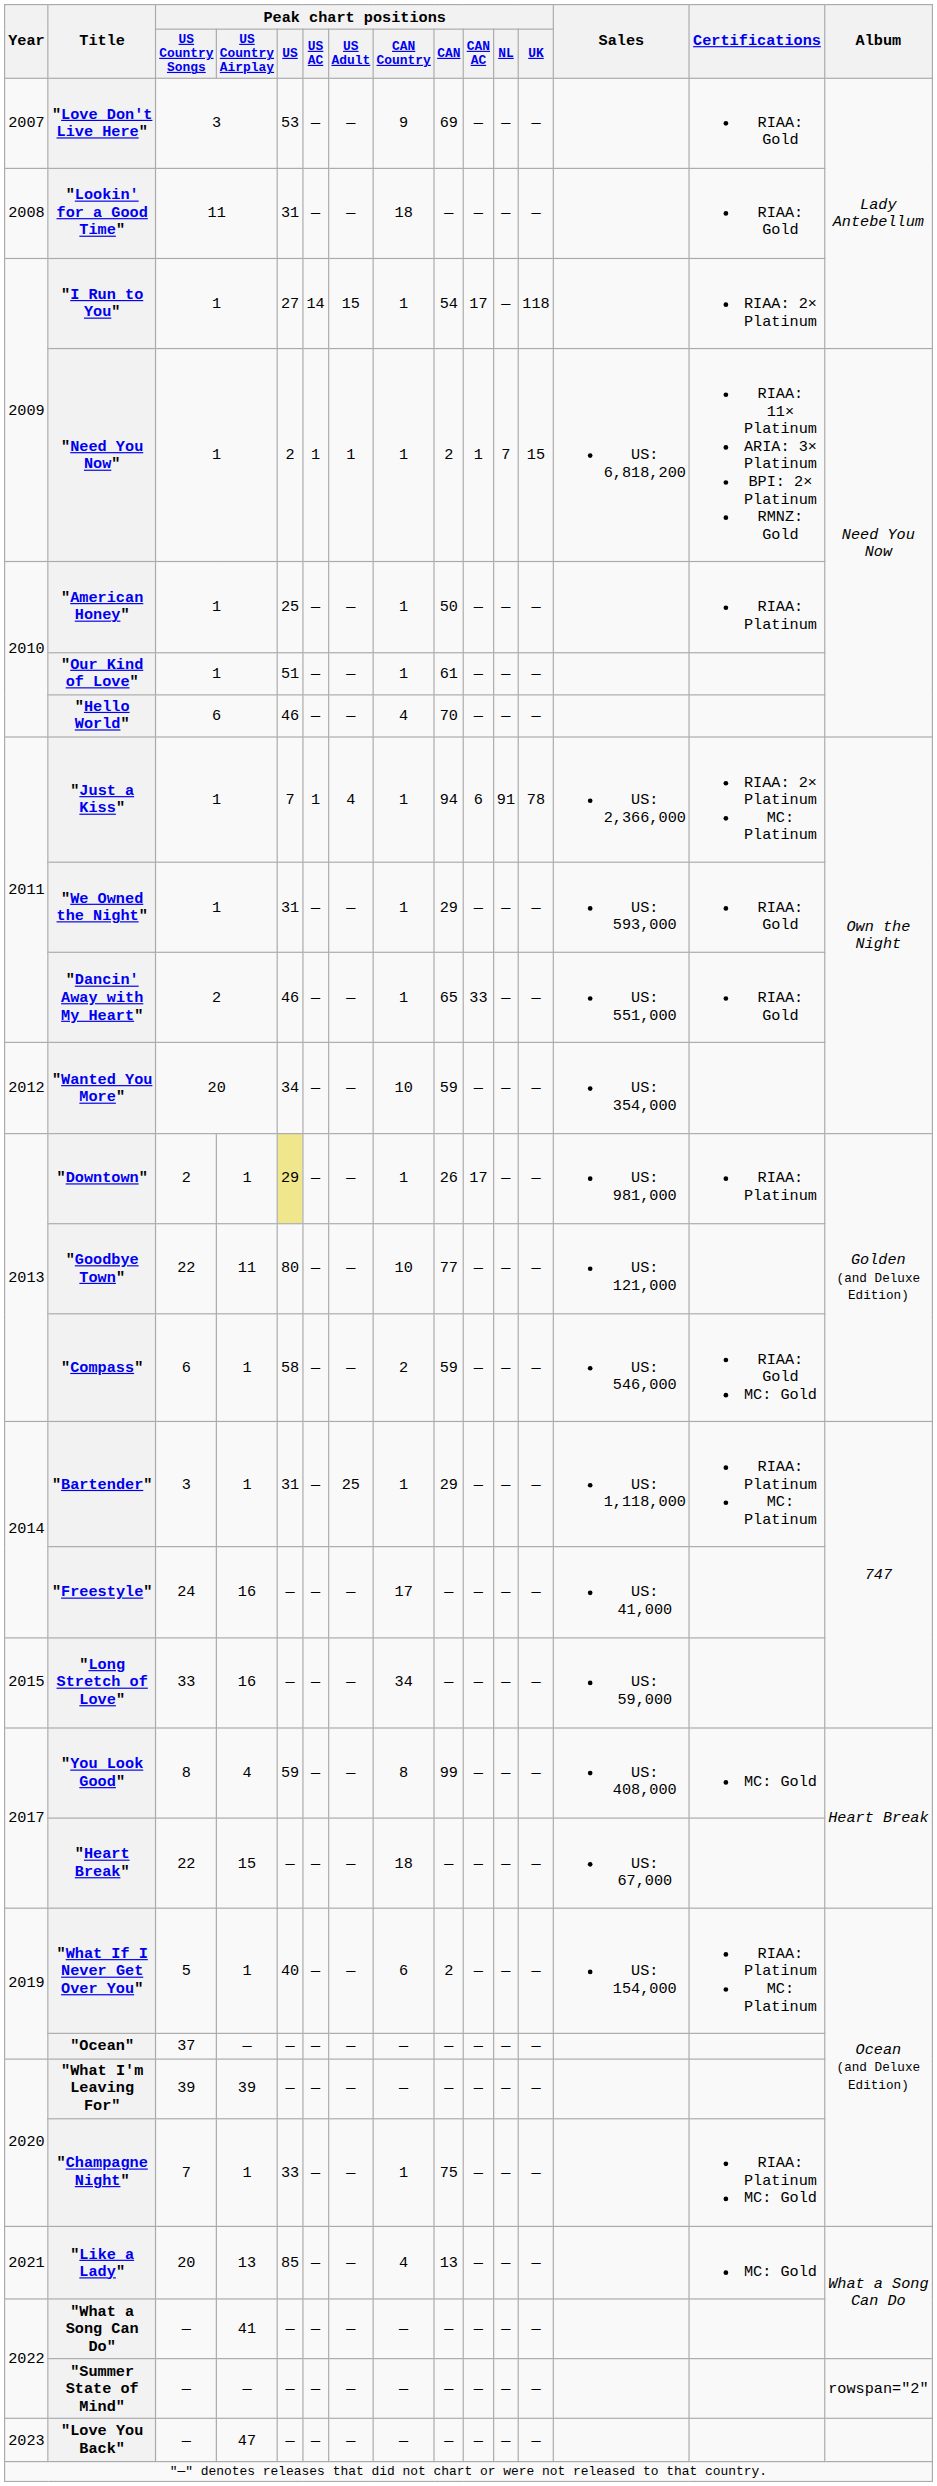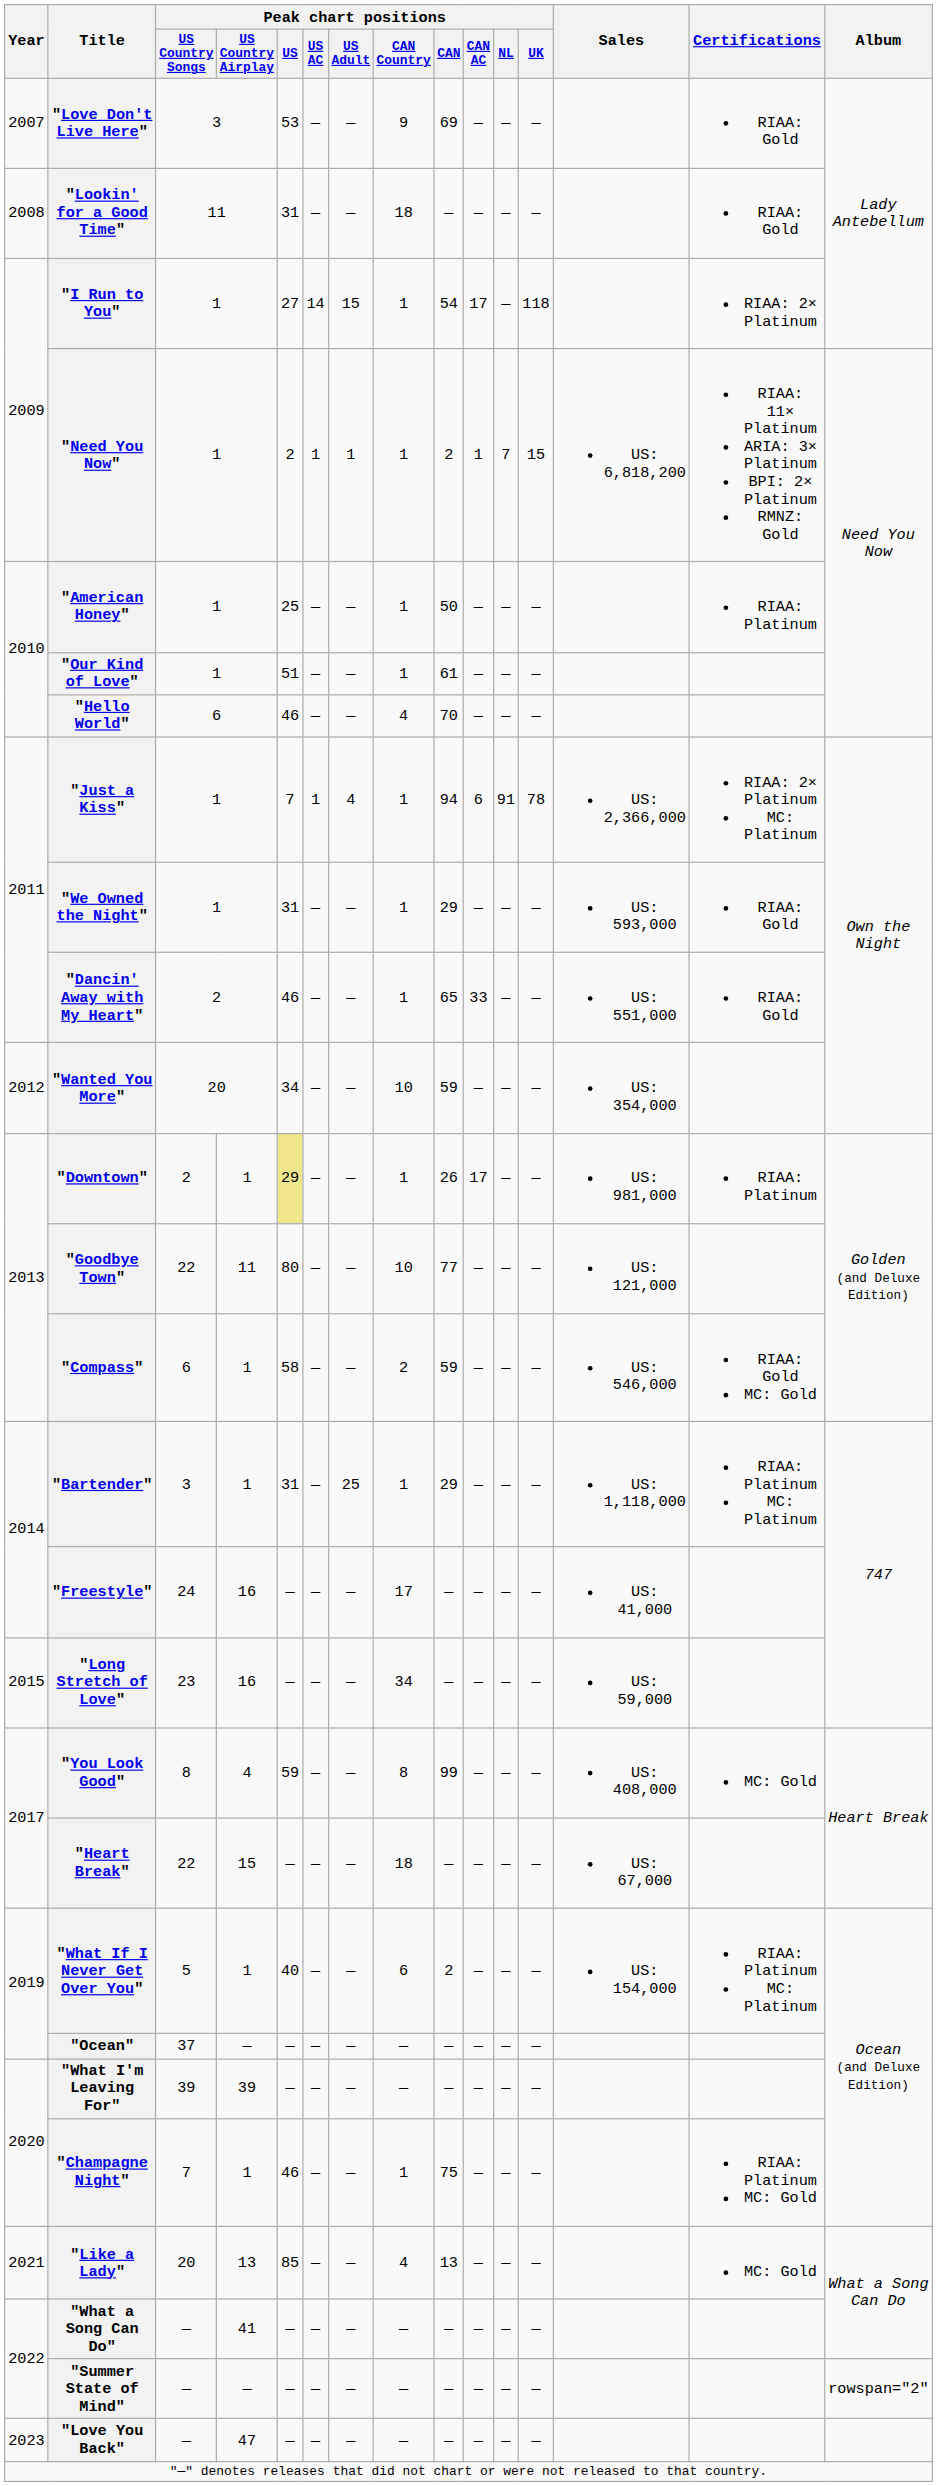 <table class="wikitable plainrowheaders" style="text-align:center;">
 <tr>
 <th scope="col" rowspan="2" style="width:1em;">Year</th>
 <th scope="col" rowspan="2" style="width:18em;">Title</th>
 <th scope="col" colspan="10">Peak chart positions</th>
 <th scope="col" rowspan="2" style="width:10em;">Sales</th>
 <th scope="col" rowspan="2" style="width:12em;"><a href='#'>Certifications</a></th>
 <th scope="col" rowspan="2">Album</th>
 </tr>
 <tr>
 <th scope="col" style="width:3em;font-size:85%;"><a href='#'>US Country Songs</a><br></th>
 <th scope="col" style="width:3em;font-size:85%;"><a href='#'>US Country Airplay</a><br></th>
 <th scope="col" style="width:3em;font-size:85%;"><a href='#'>US</a><br></th>
 <th scope="col" style="width:3em;font-size:85%;"><a href='#'>US AC</a><br></th>
 <th scope="col" style="width:3em;font-size:85%;"><a href='#'>US<br>Adult</a><br></th>
 <th scope="col" style="width:3em;font-size:85%;"><a href='#'>CAN Country</a><br></th>
 <th scope="col" style="width:3em;font-size:85%;"><a href='#'>CAN</a><br></th>
 <th scope="col" style="width:3em;font-size:85%;"><a href='#'>CAN AC</a><br></th>
 <th scope="col" style="width:3em;font-size:85%;"><a href='#'>NL</a><br></th>
 <th scope="col" style="width:3em;font-size:85%;"><a href='#'>UK</a><br></th>
 </tr>
 <tr>
 <td>2007</td>
 <th scope="row">"<a href='#'>Love Don't Live Here</a>"</th>
 <td colspan="2">3</td>
 <td>53</td>
 <td>—</td>
 <td>—</td>
 <td>9</td>
 <td>69</td>
 <td>—</td>
 <td>—</td>
 <td>—</td>
 <td></td>
 <td><br><ul><li>RIAA: Gold</li></ul></td>
 <td rowspan="3"><em>Lady Antebellum</em></td>
 </tr>
 <tr>
 <td>2008</td>
 <th scope="row">"<a href='#'>Lookin' for a Good Time</a>"</th>
 <td colspan="2">11</td>
 <td>31</td>
 <td>—</td>
 <td>—</td>
 <td>18</td>
 <td>—</td>
 <td>—</td>
 <td>—</td>
 <td>—</td>
 <td></td>
 <td><br><ul><li>RIAA: Gold</li></ul></td>
 </tr>
 <tr>
 <td rowspan="2">2009</td>
 <th scope="row">"<a href='#'>I Run to You</a>"</th>
 <td colspan="2">1</td>
 <td>27</td>
 <td>14</td>
 <td>15</td>
 <td>1</td>
 <td>54</td>
 <td>17</td>
 <td>—</td>
 <td>118</td>
 <td></td>
 <td><br><ul><li>RIAA: 2× Platinum</li></ul></td>
 </tr>
 <tr>
 <th scope="row">"<a href='#'>Need You Now</a>"</th>
 <td colspan="2">1</td>
 <td>2</td>
 <td>1</td>
 <td>1</td>
 <td>1</td>
 <td>2</td>
 <td>1</td>
 <td>7</td>
 <td>15</td>
 <td><br><ul><li>US: 6,818,200</li></ul></td>
 <td><br><ul><li>RIAA: 11× Platinum</li><li>ARIA: 3× Platinum</li><li>BPI: 2× Platinum</li><li>RMNZ: Gold</li></ul></td>
 <td rowspan="4"><em>Need You Now</em></td>
 </tr>
 <tr>
 <td rowspan="3">2010</td>
 <th scope="row">"<a href='#'>American Honey</a>"</th>
 <td colspan="2">1</td>
 <td>25</td>
 <td>—</td>
 <td>—</td>
 <td>1</td>
 <td>50</td>
 <td>—</td>
 <td>—</td>
 <td>—</td>
 <td></td>
 <td><br><ul><li>RIAA: Platinum</li></ul></td>
 </tr>
 <tr>
 <th scope="row">"<a href='#'>Our Kind of Love</a>"</th>
 <td colspan="2">1</td>
 <td>51</td>
 <td>—</td>
 <td>—</td>
 <td>1</td>
 <td>61</td>
 <td>—</td>
 <td>—</td>
 <td>—</td>
 <td></td>
 <td></td>
 </tr>
 <tr>
 <th scope="row">"<a href='#'>Hello World</a>"</th>
 <td colspan="2">6</td>
 <td>46</td>
 <td>—</td>
 <td>—</td>
 <td>4</td>
 <td>70</td>
 <td>—</td>
 <td>—</td>
 <td>—</td>
 <td></td>
 <td></td>
 </tr>
 <tr>
 <td rowspan="3">2011</td>
 <th scope="row">"<a href='#'>Just a Kiss</a>"</th>
 <td colspan="2">1</td>
 <td>7</td>
 <td>1</td>
 <td>4</td>
 <td>1</td>
 <td>94</td>
 <td>6</td>
 <td>91</td>
 <td>78</td>
 <td><br><ul><li>US: 2,366,000</li></ul></td>
 <td><br><ul><li>RIAA: 2× Platinum</li><li>MC: Platinum</li></ul></td>
 <td rowspan="4"><em>Own the Night</em></td>
 </tr>
 <tr>
 <th scope="row">"<a href='#'>We Owned the Night</a>"</th>
 <td colspan="2">1</td>
 <td>31</td>
 <td>—</td>
 <td>—</td>
 <td>1</td>
 <td>29</td>
 <td>—</td>
 <td>—</td>
 <td>—</td>
 <td><br><ul><li>US: 593,000</li></ul></td>
 <td><br><ul><li>RIAA: Gold</li></ul></td>
 </tr>
 <tr>
 <th scope="row">"<a href='#'>Dancin' Away with My Heart</a>"</th>
 <td colspan="2">2</td>
 <td>46</td>
 <td>—</td>
 <td>—</td>
 <td>1</td>
 <td>65</td>
 <td>33</td>
 <td>—</td>
 <td>—</td>
 <td><br><ul><li>US: 551,000</li></ul></td>
 <td><br><ul><li>RIAA: Gold</li></ul></td>
 </tr>
 <tr>
 <td>2012</td>
 <th scope="row">"<a href='#'>Wanted You More</a>"</th>
 <td colspan="2">20</td>
 <td>34</td>
 <td>—</td>
 <td>—</td>
 <td>10</td>
 <td>59</td>
 <td>—</td>
 <td>—</td>
 <td>—</td>
 <td><br><ul><li>US: 354,000</li></ul></td>
 <td></td>
 </tr>
 <tr>
 <td rowspan="3">2013</td>
 <th scope="row">"<a href='#'>Downtown</a>"</th>
 <td>2</td>
 <td>1</td>
 <td style="background: khaki;">29</td>
 <td>—</td>
 <td>—</td>
 <td>1</td>
 <td>26</td>
 <td>17</td>
 <td>—</td>
 <td>—</td>
 <td><br><ul><li>US: 981,000</li></ul></td>
 <td><br><ul><li>RIAA: Platinum</li></ul></td>
 <td rowspan="3"><em>Golden</em><br><small>(and Deluxe Edition)</small></td>
 </tr>
 <tr>
 <th scope="row">"<a href='#'>Goodbye Town</a>"</th>
 <td>22</td>
 <td>11</td>
 <td>80</td>
 <td>—</td>
 <td>—</td>
 <td>10</td>
 <td>77</td>
 <td>—</td>
 <td>—</td>
 <td>—</td>
 <td><br><ul><li>US: 121,000</li></ul></td>
 <td></td>
 </tr>
 <tr>
 <th scope="row">"<a href='#'>Compass</a>"</th>
 <td>6</td>
 <td>1</td>
 <td>58</td>
 <td>—</td>
 <td>—</td>
 <td>2</td>
 <td>59</td>
 <td>—</td>
 <td>—</td>
 <td>—</td>
 <td><br><ul><li>US: 546,000</li></ul></td>
 <td><br><ul><li>RIAA: Gold</li><li>MC: Gold</li></ul></td>
 </tr>
 <tr>
 <td rowspan="2">2014</td>
 <th scope="row">"<a href='#'>Bartender</a>"</th>
 <td>3</td>
 <td>1</td>
 <td>31</td>
 <td>—</td>
 <td>25</td>
 <td>1</td>
 <td>29</td>
 <td>—</td>
 <td>—</td>
 <td>—</td>
 <td><br><ul><li>US: 1,118,000</li></ul></td>
 <td><br><ul><li>RIAA: Platinum</li><li>MC: Platinum</li></ul></td>
 <td rowspan="3"><em>747</em></td>
 </tr>
 <tr>
 <th scope="row">"<a href='#'>Freestyle</a>"</th>
 <td>24</td>
 <td>16</td>
 <td>—</td>
 <td>—</td>
 <td>—</td>
 <td>17</td>
 <td>—</td>
 <td>—</td>
 <td>—</td>
 <td>—</td>
 <td><br><ul><li>US: 41,000</li></ul></td>
 <td></td>
 </tr>
 <tr>
 <td>2015</td>
 <th scope="row">"<a href='#'>Long Stretch of Love</a>"</th>
-<td>33</td>
+<td>23</td>
 <td>16</td>
 <td>—</td>
 <td>—</td>
 <td>—</td>
 <td>34</td>
 <td>—</td>
 <td>—</td>
 <td>—</td>
 <td>—</td>
 <td><br><ul><li>US: 59,000</li></ul></td>
 <td></td>
 </tr>
 <tr>
 <td rowspan="2">2017</td>
 <th scope="row">"<a href='#'>You Look Good</a>"</th>
 <td>8</td>
 <td>4</td>
 <td>59</td>
 <td>—</td>
 <td>—</td>
 <td>8</td>
 <td>99</td>
 <td>—</td>
 <td>—</td>
 <td>—</td>
 <td><br><ul><li>US: 408,000</li></ul></td>
 <td><br><ul><li>MC: Gold</li></ul></td>
 <td rowspan="2"><em>Heart Break</em></td>
 </tr>
 <tr>
 <th scope="row">"<a href='#'>Heart Break</a>"</th>
 <td>22</td>
 <td>15</td>
 <td>—</td>
 <td>—</td>
 <td>—</td>
 <td>18</td>
 <td>—</td>
 <td>—</td>
 <td>—</td>
 <td>—</td>
 <td><br><ul><li>US: 67,000</li></ul></td>
 <td></td>
 </tr>
 <tr>
 <td rowspan="2">2019</td>
 <th scope="row">"<a href='#'>What If I Never Get Over You</a>"</th>
 <td>5</td>
 <td>1</td>
 <td>40</td>
 <td>—</td>
 <td>—</td>
 <td>6</td>
 <td>2</td>
 <td>—</td>
 <td>—</td>
 <td>—</td>
 <td><br><ul><li>US: 154,000</li></ul></td>
 <td><br><ul><li>RIAA: Platinum</li><li>MC: Platinum</li></ul></td>
 <td rowspan="4"><em>Ocean</em><br><small>(and Deluxe Edition)</small></td>
 </tr>
 <tr>
 <th scope="row">"Ocean"</th>
 <td>37</td>
 <td>—</td>
 <td>—</td>
 <td>—</td>
 <td>—</td>
 <td>—</td>
 <td>—</td>
 <td>—</td>
 <td>—</td>
 <td>—</td>
 <td></td>
 <td></td>
 </tr>
 <tr>
 <td rowspan="2">2020</td>
 <th scope="row">"What I'm Leaving For"</th>
 <td>39</td>
 <td>39</td>
 <td>—</td>
 <td>—</td>
 <td>—</td>
 <td>—</td>
 <td>—</td>
 <td>—</td>
 <td>—</td>
 <td>—</td>
 <td></td>
 <td></td>
 </tr>
 <tr>
 <th scope="row">"<a href='#'>Champagne Night</a>"</th>
 <td>7</td>
 <td>1</td>
-<td>33</td>
+<td>46</td>
 <td>—</td>
 <td>—</td>
 <td>1</td>
 <td>75</td>
 <td>—</td>
 <td>—</td>
 <td>—</td>
 <td></td>
 <td><br><ul><li>RIAA: Platinum</li><li>MC: Gold</li></ul></td>
 </tr>
 <tr>
 <td>2021</td>
 <th scope="row">"<a href='#'>Like a Lady</a>"</th>
 <td>20</td>
 <td>13</td>
 <td>85</td>
 <td>—</td>
 <td>—</td>
 <td>4</td>
 <td>13</td>
 <td>—</td>
 <td>—</td>
 <td>—</td>
 <td></td>
 <td><br><ul><li>MC: Gold</li></ul></td>
 <td rowspan="2"><em>What a Song Can Do</em></td>
 </tr>
 <tr>
 <td rowspan="2">2022</td>
 <th scope="row">"What a Song Can Do"</th>
 <td>—</td>
 <td>41</td>
 <td>—</td>
 <td>—</td>
 <td>—</td>
 <td>—</td>
 <td>—</td>
 <td>—</td>
 <td>—</td>
 <td>—</td>
 <td></td>
 <td></td>
 </tr>
 <tr>
 <th scope="row">"Summer State of Mind"</th>
 <td>—</td>
 <td>—</td>
 <td>—</td>
 <td>—</td>
 <td>—</td>
 <td>—</td>
 <td>—</td>
 <td>—</td>
 <td>—</td>
 <td>—</td>
 <td></td>
 <td></td>
 <td>rowspan="2" </td>
 </tr>
 <tr>
 <td>2023</td>
 <th scope="row">"Love You Back"</th>
 <td>—</td>
 <td>47</td>
 <td>—</td>
 <td>—</td>
 <td>—</td>
 <td>—</td>
 <td>—</td>
 <td>—</td>
 <td>—</td>
 <td>—</td>
 <td></td>
 <td></td>
 </tr>
 <tr>
 <td colspan="18" style="font-size:85%">"—" denotes releases that did not chart or were not released to that country.</td>
 </tr>
 </table>
